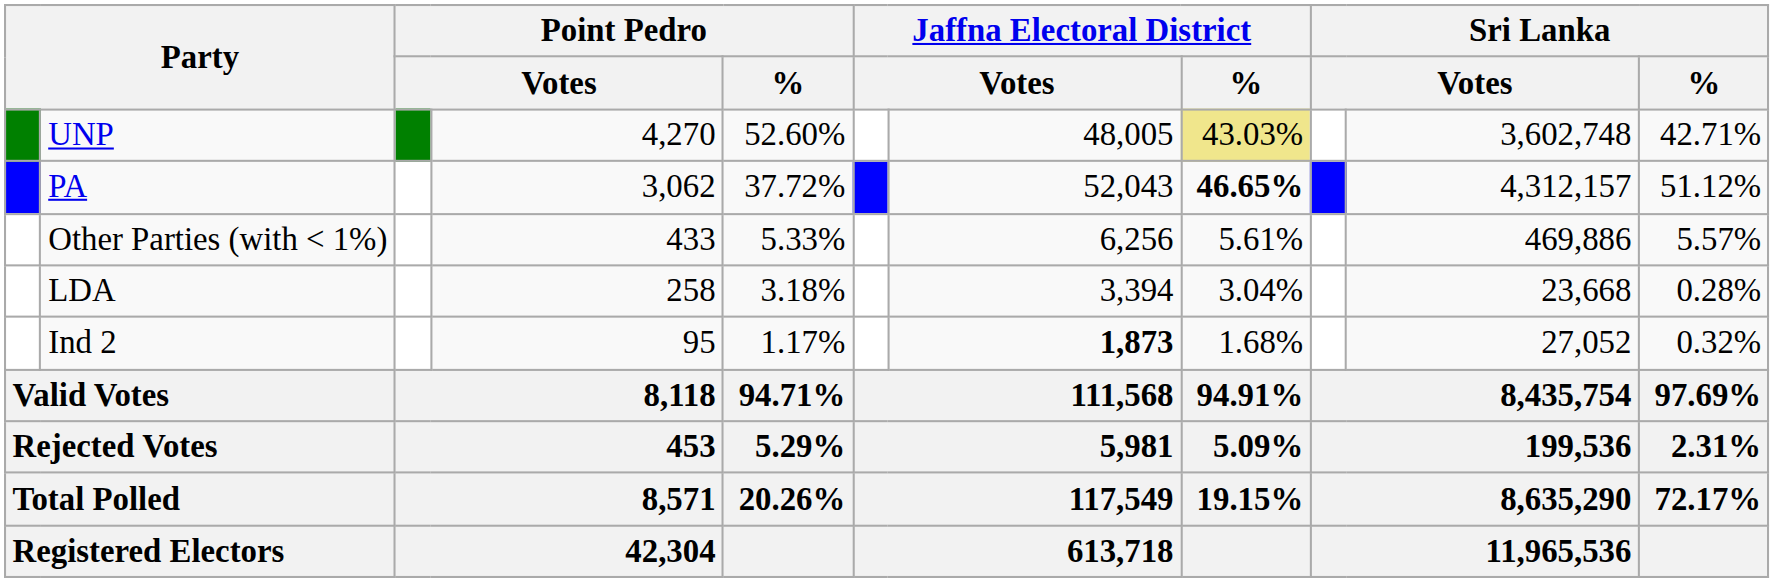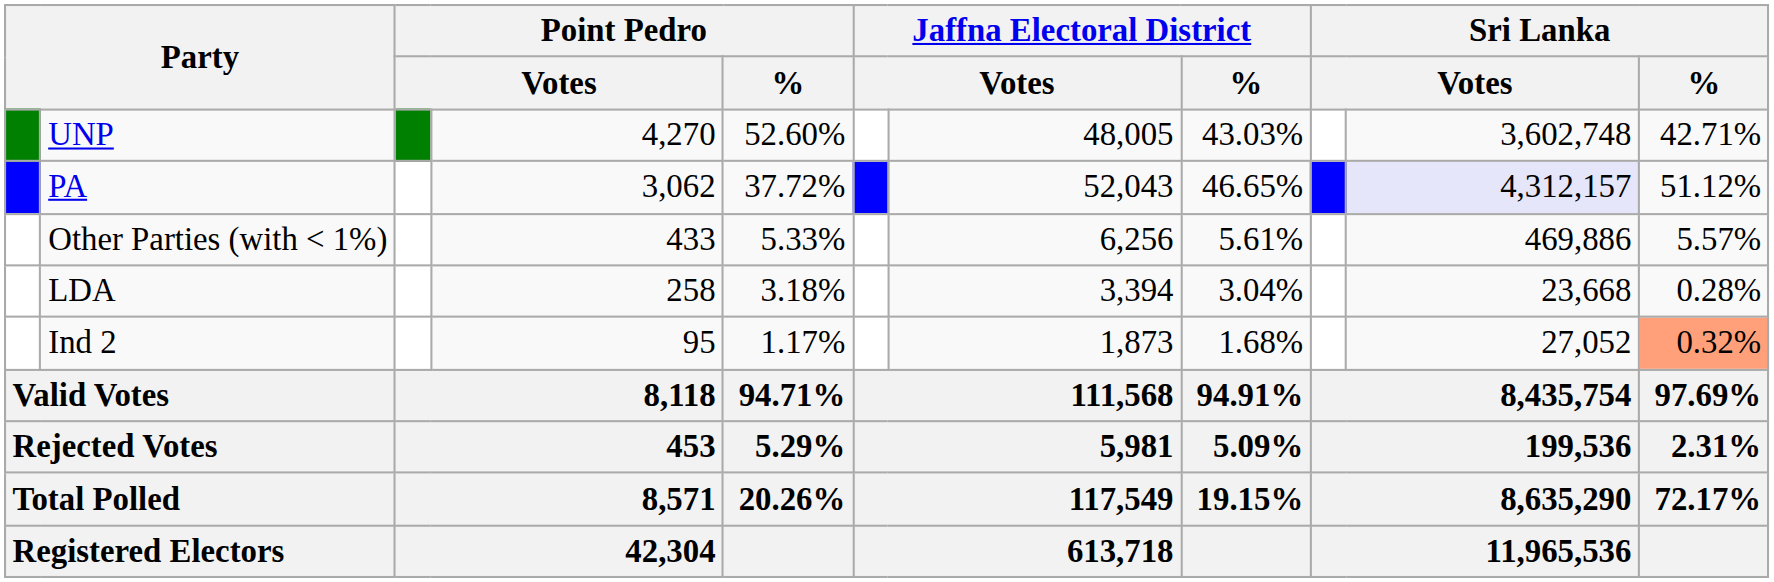 <table class="wikitable">
 <tr>
 <th colspan="2" width="144px"rowspan="2">Party</th>
 <th colspan="3" width="216px">Point Pedro</th>
 <th colspan="3" width="216px"><a href='#'>Jaffna Electoral District</a></th>
 <th colspan="3" width="216px">Sri Lanka</th>
 </tr>
 <tr>
 <th colspan="2" width="144px">Votes</th>
 <th>%</th>
 <th colspan="2" width="144px">Votes</th>
 <th>%</th>
 <th colspan="2" width="144px">Votes</th>
 <th>%</th>
 </tr>
 <tr>
 <td style="background-color:green;" width="10px"></td>
 <td style="text-align:left;"><a href='#'>UNP</a></td>
 <td style="background-color:green;" width="10px"></td>
 <td style="text-align:right;">4,270</td>
 <td style="text-align:right;">52.60%</td>
 <td style="background-color:white;" width="10px"></td>
 <td style="text-align:right;">48,005</td>
-<td style="background: khaki; text-align:right;">43.03%</td>
+<td style="text-align:right;">43.03%</td>
 <td style="background-color:white;" width="10px"></td>
 <td style="text-align:right;">3,602,748</td>
 <td style="text-align:right;">42.71%</td>
 </tr>
 <tr>
 <td style="background-color:blue;" width="10px"></td>
 <td style="text-align:left;"><a href='#'>PA</a></td>
 <td style="background-color:white;" width="10px"></td>
 <td style="text-align:right;">3,062</td>
 <td style="text-align:right;">37.72%</td>
 <td style="background-color:blue;" width="10px"></td>
 <td style="text-align:right;">52,043</td>
-<td style="text-align:right;"><strong>46.65%</strong></td>
+<td style="text-align:right;">46.65%</td>
 <td style="background-color:blue;" width="10px"></td>
-<td style="text-align:right;">4,312,157</td>
+<td style="background: lavender; text-align:right;">4,312,157</td>
 <td style="text-align:right;">51.12%</td>
 </tr>
 <tr>
 <td style="background-color:white;" width="10px"></td>
 <td style="text-align:left;">Other Parties (with < 1%)</td>
 <td style="background-color:white;" width="10px"></td>
 <td style="text-align:right;">433</td>
 <td style="text-align:right;">5.33%</td>
 <td style="background-color:white;" width="10px"></td>
 <td style="text-align:right;">6,256</td>
 <td style="text-align:right;">5.61%</td>
 <td style="background-color:white;" width="10px"></td>
 <td style="text-align:right;">469,886</td>
 <td style="text-align:right;">5.57%</td>
 </tr>
 <tr>
 <td style="background-color:white;" width="10px"></td>
 <td style="text-align:left;">LDA</td>
 <td style="background-color:white;" width="10px"></td>
 <td style="text-align:right;">258</td>
 <td style="text-align:right;">3.18%</td>
 <td style="background-color:white;" width="10px"></td>
 <td style="text-align:right;">3,394</td>
 <td style="text-align:right;">3.04%</td>
 <td style="background-color:white;" width="10px"></td>
 <td style="text-align:right;">23,668</td>
 <td style="text-align:right;">0.28%</td>
 </tr>
 <tr>
 <td style="background-color:white;" width="10px"></td>
 <td style="text-align:left;">Ind 2</td>
 <td style="background-color:white;" width="10px"></td>
 <td style="text-align:right;">95</td>
 <td style="text-align:right;">1.17%</td>
 <td style="background-color:white;" width="10px"></td>
-<td style="text-align:right;"><strong>1,873</strong></td>
+<td style="text-align:right;">1,873</td>
 <td style="text-align:right;">1.68%</td>
 <td style="background-color:white;" width="10px"></td>
 <td style="text-align:right;">27,052</td>
-<td style="text-align:right;">0.32%</td>
+<td style="background: lightsalmon; text-align:right;">0.32%</td>
 </tr>
 <tr>
 <th colspan="2" width="144px"style="text-align:left;">Valid Votes</th>
 <th style="text-align:right;"colspan="2" width="144px">8,118</th>
 <th style="text-align:right;">94.71%</th>
 <th style="text-align:right;"colspan="2" width="144px">111,568</th>
 <th style="text-align:right;">94.91%</th>
 <th style="text-align:right;"colspan="2" width="144px">8,435,754</th>
 <th style="text-align:right;">97.69%</th>
 </tr>
 <tr>
 <th colspan="2" width="144px"style="text-align:left;">Rejected Votes</th>
 <th style="text-align:right;"colspan="2" width="144px">453</th>
 <th style="text-align:right;">5.29%</th>
 <th style="text-align:right;"colspan="2" width="144px">5,981</th>
 <th style="text-align:right;">5.09%</th>
 <th style="text-align:right;"colspan="2" width="144px">199,536</th>
 <th style="text-align:right;">2.31%</th>
 </tr>
 <tr>
 <th colspan="2" width="144px"style="text-align:left;">Total Polled</th>
 <th style="text-align:right;"colspan="2" width="144px">8,571</th>
 <th style="text-align:right;">20.26%</th>
 <th style="text-align:right;"colspan="2" width="144px">117,549</th>
 <th style="text-align:right;">19.15%</th>
 <th style="text-align:right;"colspan="2" width="144px">8,635,290</th>
 <th style="text-align:right;">72.17%</th>
 </tr>
 <tr>
 <th colspan="2" width="144px"style="text-align:left;">Registered Electors</th>
 <th style="text-align:right;"colspan="2" width="144px">42,304</th>
 <th></th>
 <th style="text-align:right;"colspan="2" width="144px">613,718</th>
 <th></th>
 <th style="text-align:right;"colspan="2" width="144px">11,965,536</th>
 <th></th>
 </tr>
 </table>
